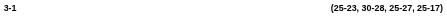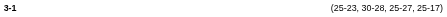 <table width=100% cellspacing=1>
 <tr>
 <th width=20%></th>
 <th width=12%></th>
 <th width=20%></th>
 <th width=33%></th>
 <td></td>
 </tr>
 <tr style=font-size:90%>
 <td align=right></td>
 <td align=center><strong>3-1</strong></td>
 <td></td>
-<td><strong>(25-23, 30-28, 25-27, 25-17)</strong></td>
+<td>(25-23, 30-28, 25-27, 25-17)</td>
 </tr>
 </table>
